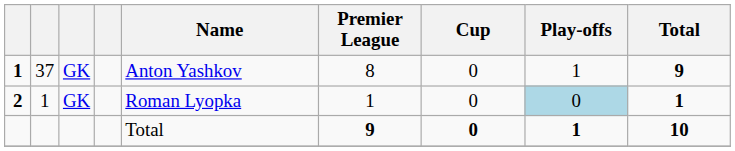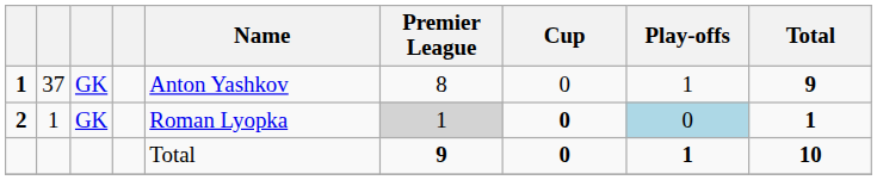 <table class="wikitable" style="text-align:center">
 <tr>
 <th width=15></th>
 <th width=15></th>
 <th width=15></th>
 <th width=15></th>
 <th width=160>Name</th>
 <th width=80><strong>Premier League</strong></th>
 <th width=80><strong>Cup</strong></th>
 <th width=80><strong>Play-offs</strong></th>
 <th width=80>Total</th>
 </tr>
 <tr>
 <td><strong>1</strong></td>
 <td>37</td>
 <td><a href='#'>GK</a></td>
 <td></td>
 <td align=left><a href='#'>Anton Yashkov</a></td>
 <td>8</td>
 <td>0</td>
 <td>1</td>
 <td><strong>9</strong></td>
 </tr>
 <tr>
 <td><strong>2</strong></td>
 <td>1</td>
 <td><a href='#'>GK</a></td>
 <td></td>
 <td align=left><a href='#'>Roman Lyopka</a></td>
-<td>1</td>
-<td>0</td>
+<td style="background: lightgrey;">1</td>
+<td><strong>0</strong></td>
 <td style="background: lightblue;">0</td>
 <td><strong>1</strong></td>
 </tr>
 <tr>
 <td></td>
 <td></td>
 <td></td>
 <td></td>
 <td align=left>Total</td>
 <td><strong>9</strong></td>
 <td><strong>0</strong></td>
 <td><strong>1</strong></td>
 <td><strong>10</strong></td>
 </tr>
 <tr>
 </tr>
 </table>
